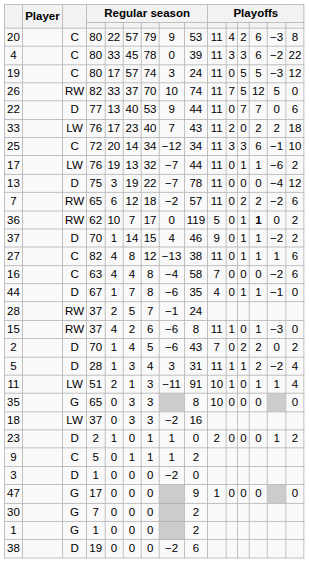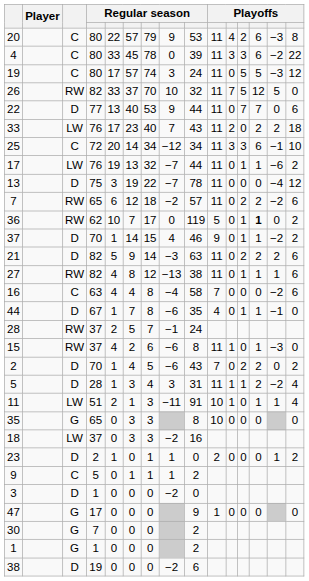 <table class="wikitable sortable plainrowheaders" style="text-align:center;">
 <tr>
 <th scope="col" data-sort-type="number" rowspan="2"></th>
 <th scope="col" rowspan="2">Player</th>
 <th scope="col" rowspan="2"></th>
 <th scope=colgroup colspan=6>Regular season</th>
 <th scope=colgroup colspan=6>Playoffs</th>
 </tr>
 <tr>
 <th scope="col" data-sort-type="number"></th>
 <th scope="col" data-sort-type="number"></th>
 <th scope="col" data-sort-type="number"></th>
 <th scope="col" data-sort-type="number"></th>
 <th scope="col" data-sort-type="number"></th>
 <th scope="col" data-sort-type="number"></th>
 <th scope="col" data-sort-type="number"></th>
 <th scope="col" data-sort-type="number"></th>
 <th scope="col" data-sort-type="number"></th>
 <th scope="col" data-sort-type="number"></th>
 <th scope="col" data-sort-type="number"></th>
 <th scope="col" data-sort-type="number"></th>
 </tr>
 <tr>
 <td scope="row">20</td>
 <td align="left"></td>
 <td>C</td>
 <td>80</td>
 <td>22</td>
 <td>57</td>
 <td>79</td>
 <td>9</td>
 <td>53</td>
 <td>11</td>
 <td>4</td>
 <td>2</td>
 <td>6</td>
 <td>−3</td>
 <td>8</td>
 </tr>
 <tr>
 <td scope="row">4</td>
 <td align="left"></td>
 <td>C</td>
 <td>80</td>
 <td>33</td>
 <td>45</td>
 <td>78</td>
 <td>0</td>
 <td>39</td>
 <td>11</td>
 <td>3</td>
 <td>3</td>
 <td>6</td>
 <td>−2</td>
 <td>22</td>
 </tr>
 <tr>
 <td scope="row">19</td>
 <td align="left"></td>
 <td>C</td>
 <td>80</td>
 <td>17</td>
 <td>57</td>
 <td>74</td>
 <td>3</td>
 <td>24</td>
 <td>11</td>
 <td>0</td>
 <td>5</td>
 <td>5</td>
 <td>−3</td>
 <td>12</td>
 </tr>
 <tr>
 <td scope="row">26</td>
 <td align="left"></td>
 <td>RW</td>
 <td>82</td>
 <td>33</td>
 <td>37</td>
 <td>70</td>
 <td>10</td>
-<td>74</td>
+<td>32</td>
 <td>11</td>
 <td>7</td>
 <td>5</td>
 <td>12</td>
 <td>5</td>
 <td>0</td>
 </tr>
 <tr>
 <td scope="row">22</td>
 <td align="left"></td>
 <td>D</td>
 <td>77</td>
 <td>13</td>
 <td>40</td>
 <td>53</td>
 <td>9</td>
 <td>44</td>
 <td>11</td>
 <td>0</td>
 <td>7</td>
 <td>7</td>
 <td>0</td>
 <td>6</td>
 </tr>
 <tr>
 <td scope="row">33</td>
 <td align="left"></td>
 <td>LW</td>
 <td>76</td>
 <td>17</td>
 <td>23</td>
 <td>40</td>
 <td>7</td>
 <td>43</td>
 <td>11</td>
 <td>2</td>
 <td>0</td>
 <td>2</td>
 <td>2</td>
 <td>18</td>
 </tr>
 <tr>
 <td scope="row">25</td>
 <td align="left"></td>
 <td>C</td>
 <td>72</td>
 <td>20</td>
 <td>14</td>
 <td>34</td>
 <td>−12</td>
 <td>34</td>
 <td>11</td>
 <td>3</td>
 <td>3</td>
 <td>6</td>
 <td>−1</td>
 <td>10</td>
 </tr>
 <tr>
 <td scope="row">17</td>
 <td align="left"></td>
 <td>LW</td>
 <td>76</td>
 <td>19</td>
 <td>13</td>
 <td>32</td>
 <td>−7</td>
 <td>44</td>
 <td>11</td>
 <td>0</td>
 <td>1</td>
 <td>1</td>
 <td>−6</td>
 <td>2</td>
 </tr>
 <tr>
 <td scope="row">13</td>
 <td align="left"></td>
 <td>D</td>
 <td>75</td>
 <td>3</td>
 <td>19</td>
 <td>22</td>
 <td>−7</td>
 <td>78</td>
 <td>11</td>
 <td>0</td>
 <td>0</td>
 <td>0</td>
 <td>−4</td>
 <td>12</td>
 </tr>
 <tr>
 <td scope="row">7</td>
 <td align="left"></td>
 <td>RW</td>
 <td>65</td>
 <td>6</td>
 <td>12</td>
 <td>18</td>
 <td>−2</td>
 <td>57</td>
 <td>11</td>
 <td>0</td>
 <td>2</td>
 <td>2</td>
 <td>−2</td>
 <td>6</td>
 </tr>
 <tr>
 <td scope="row">36</td>
 <td align="left"></td>
 <td>RW</td>
 <td>62</td>
 <td>10</td>
 <td>7</td>
 <td>17</td>
 <td>0</td>
 <td>119</td>
 <td>5</td>
 <td>0</td>
 <td>1</td>
 <td><strong>1</strong></td>
 <td>0</td>
 <td>2</td>
 </tr>
 <tr>
 <td scope="row">37</td>
 <td align="left"></td>
 <td>D</td>
 <td>70</td>
 <td>1</td>
 <td>14</td>
 <td>15</td>
 <td>4</td>
 <td>46</td>
 <td>9</td>
 <td>0</td>
 <td>1</td>
 <td>1</td>
 <td>−2</td>
 <td>2</td>
 </tr>
 <tr>
+<td scope="row">21</td>
+<td align="left"></td>
+<td>D</td>
+<td>82</td>
+<td>5</td>
+<td>9</td>
+<td>14</td>
+<td>−3</td>
+<td>63</td>
+<td>11</td>
+<td>0</td>
+<td>2</td>
+<td>2</td>
+<td>2</td>
+<td>6</td>
+</tr>
+<tr>
 <td scope="row">27</td>
 <td align="left"></td>
-<td>C</td>
+<td>RW</td>
 <td>82</td>
 <td>4</td>
 <td>8</td>
 <td>12</td>
 <td>−13</td>
 <td>38</td>
 <td>11</td>
 <td>0</td>
 <td>1</td>
 <td>1</td>
 <td>1</td>
 <td>6</td>
 </tr>
 <tr>
 <td scope="row">16</td>
 <td align="left"></td>
 <td>C</td>
 <td>63</td>
 <td>4</td>
 <td>4</td>
 <td>8</td>
 <td>−4</td>
 <td>58</td>
 <td>7</td>
 <td>0</td>
 <td>0</td>
 <td>0</td>
 <td>−2</td>
 <td>6</td>
 </tr>
 <tr>
 <td scope="row">44</td>
 <td align="left"></td>
 <td>D</td>
 <td>67</td>
 <td>1</td>
 <td>7</td>
 <td>8</td>
 <td>−6</td>
 <td>35</td>
 <td>4</td>
 <td>0</td>
 <td>1</td>
 <td>1</td>
 <td>−1</td>
 <td>0</td>
 </tr>
 <tr>
 <td scope="row">28</td>
 <td align="left"></td>
 <td>RW</td>
 <td>37</td>
 <td>2</td>
 <td>5</td>
 <td>7</td>
 <td>−1</td>
 <td>24</td>
 <td></td>
 <td></td>
 <td></td>
 <td></td>
 <td></td>
 <td></td>
 </tr>
 <tr>
 <td scope="row">15</td>
 <td align="left"></td>
 <td>RW</td>
 <td>37</td>
 <td>4</td>
 <td>2</td>
 <td>6</td>
 <td>−6</td>
 <td>8</td>
 <td>11</td>
 <td>1</td>
 <td>0</td>
 <td>1</td>
 <td>−3</td>
 <td>0</td>
 </tr>
 <tr>
 <td scope="row">2</td>
 <td align="left"></td>
 <td>D</td>
 <td>70</td>
 <td>1</td>
 <td>4</td>
 <td>5</td>
 <td>−6</td>
 <td>43</td>
 <td>7</td>
 <td>0</td>
 <td>2</td>
 <td>2</td>
 <td>0</td>
 <td>2</td>
 </tr>
 <tr>
 <td scope="row">5</td>
 <td align="left"></td>
 <td>D</td>
 <td>28</td>
 <td>1</td>
 <td>3</td>
 <td>4</td>
 <td>3</td>
 <td>31</td>
 <td>11</td>
 <td>1</td>
 <td>1</td>
 <td>2</td>
 <td>−2</td>
 <td>4</td>
 </tr>
 <tr>
 <td scope="row">11</td>
 <td align="left"></td>
 <td>LW</td>
 <td>51</td>
 <td>2</td>
 <td>1</td>
 <td>3</td>
 <td>−11</td>
 <td>91</td>
 <td>10</td>
 <td>1</td>
 <td>0</td>
 <td>1</td>
 <td>1</td>
 <td>4</td>
 </tr>
 <tr>
 <td scope="row">35</td>
 <td align="left"></td>
 <td>G</td>
 <td>65</td>
 <td>0</td>
 <td>3</td>
 <td>3</td>
 <td style="background:#ccc"></td>
 <td>8</td>
 <td>10</td>
 <td>0</td>
 <td>0</td>
 <td>0</td>
 <td style="background:#ccc"></td>
 <td>0</td>
 </tr>
 <tr>
 <td scope="row">18</td>
 <td align="left"></td>
 <td>LW</td>
 <td>37</td>
 <td>0</td>
 <td>3</td>
 <td>3</td>
 <td>−2</td>
 <td>16</td>
 <td></td>
 <td></td>
 <td></td>
 <td></td>
 <td></td>
 <td></td>
 </tr>
 <tr>
 <td scope="row">23</td>
 <td align="left"></td>
 <td>D</td>
 <td>2</td>
 <td>1</td>
 <td>0</td>
 <td>1</td>
 <td>1</td>
 <td>0</td>
 <td>2</td>
 <td>0</td>
 <td>0</td>
 <td>0</td>
 <td>1</td>
 <td>2</td>
 </tr>
 <tr>
 <td scope="row">9</td>
 <td align="left"></td>
 <td>C</td>
 <td>5</td>
 <td>0</td>
 <td>1</td>
 <td>1</td>
 <td>1</td>
 <td>2</td>
 <td></td>
 <td></td>
 <td></td>
 <td></td>
 <td></td>
 <td></td>
 </tr>
 <tr>
 <td scope="row">3</td>
 <td align="left"></td>
 <td>D</td>
 <td>1</td>
 <td>0</td>
 <td>0</td>
 <td>0</td>
 <td>−2</td>
 <td>0</td>
 <td></td>
 <td></td>
 <td></td>
 <td></td>
 <td></td>
 <td></td>
 </tr>
 <tr>
 <td scope="row">47</td>
 <td align="left"></td>
 <td>G</td>
 <td>17</td>
 <td>0</td>
 <td>0</td>
 <td>0</td>
 <td style="background:#ccc"></td>
 <td>9</td>
 <td>1</td>
 <td>0</td>
 <td>0</td>
 <td>0</td>
 <td style="background:#ccc"></td>
 <td>0</td>
 </tr>
 <tr>
 <td scope="row">30</td>
 <td align="left"></td>
 <td>G</td>
 <td>7</td>
 <td>0</td>
 <td>0</td>
 <td>0</td>
 <td style="background:#ccc"></td>
 <td>2</td>
 <td></td>
 <td></td>
 <td></td>
 <td></td>
 <td></td>
 <td></td>
 </tr>
 <tr>
 <td scope="row">1</td>
 <td align="left"></td>
 <td>G</td>
 <td>1</td>
 <td>0</td>
 <td>0</td>
 <td>0</td>
 <td style="background:#ccc"></td>
 <td>2</td>
 <td></td>
 <td></td>
 <td></td>
 <td></td>
 <td></td>
 <td></td>
 </tr>
 <tr>
 <td scope="row">38</td>
 <td align="left"></td>
 <td>D</td>
 <td>19</td>
 <td>0</td>
 <td>0</td>
 <td>0</td>
 <td>−2</td>
 <td>6</td>
 <td></td>
 <td></td>
 <td></td>
 <td></td>
 <td></td>
 <td></td>
 </tr>
 </table>
